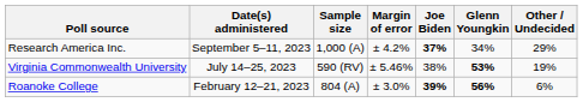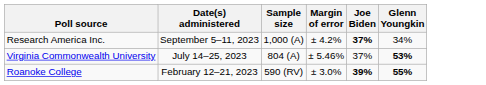 <table class="wikitable sortable mw-datatable" style="font-size:90%;text-align:center;line-height:17px">
 <tr valign=bottom>
 <th>Poll source</th>
 <th>Date(s)<br>administered</th>
 <th>Sample<br>size</th>
 <th>Margin<br>of error</th>
 <th class="unsortable">Joe<br>Biden<br></th>
 <th class="unsortable">Glenn<br>Youngkin<br></th>
-<th class="unsortable">Other /<br>Undecided</th>
 </tr>
 <tr>
 <td style="text-align:left;">Research America Inc.</td>
 <td>September 5–11, 2023</td>
 <td>1,000 (A)</td>
 <td>± 4.2%</td>
 <td style="color:black;background-color:"><strong>37%</strong></td>
 <td>34%</td>
-<td>29%</td>
 </tr>
 <tr>
 <td style="text-align:left;"><a href='#'>Virginia Commonwealth University</a></td>
 <td>July 14–25, 2023</td>
-<td>590 (RV)</td>
+<td>804 (A)</td>
 <td>± 5.46%</td>
-<td>38%</td>
+<td>37%</td>
 <td style="background-color:"><strong>53%</strong></td>
-<td>19%</td>
 </tr>
 <tr>
 <td style="text-align:left;"><a href='#'>Roanoke College</a></td>
 <td data-sort-value="2023-02-21">February 12–21, 2023</td>
-<td>804 (A)</td>
+<td>590 (RV)</td>
 <td>± 3.0%</td>
 <td><strong>39%</strong></td>
-<td style="background-color:"><strong>56%</strong></td>
-<td>6%</td>
+<td style="background-color:"><strong>55%</strong></td>
 </tr>
 </table>
